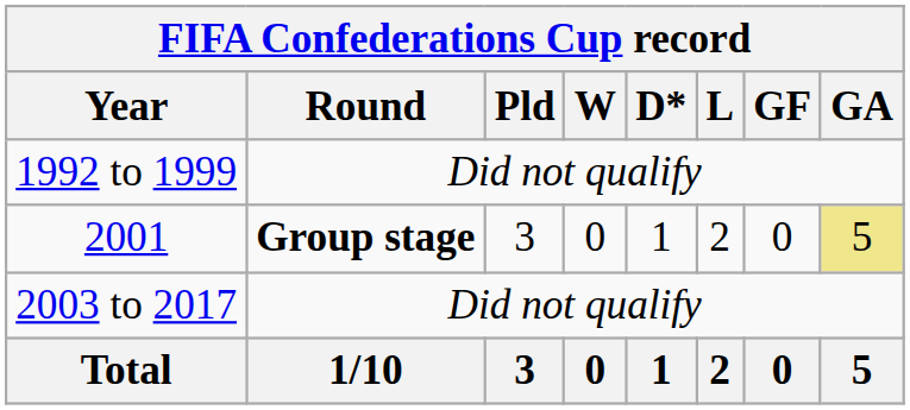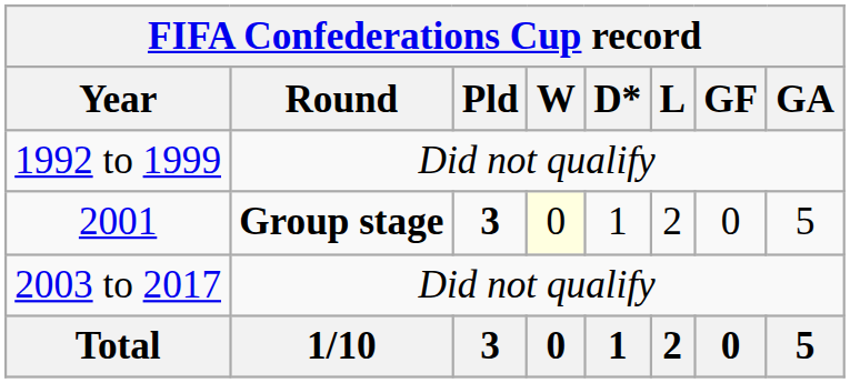 <table class="wikitable" style="text-align: center;">
 <tr>
 <th colspan="8"><a href='#'>FIFA Confederations Cup</a> record</th>
 </tr>
 <tr>
 <th>Year</th>
 <th>Round</th>
 <th>Pld</th>
 <th>W</th>
 <th>D*</th>
 <th>L</th>
 <th>GF</th>
 <th>GA</th>
 </tr>
 <tr>
 <td> <a href='#'>1992</a> to  <a href='#'>1999</a></td>
 <td colspan="8"><em>Did not qualify</em></td>
 </tr>
 <tr>
 <td>  <a href='#'>2001</a></td>
 <td><strong>Group stage</strong></td>
-<td>3</td>
-<td>0</td>
+<td><strong>3</strong></td>
+<td style="background: lightyellow;">0</td>
 <td>1</td>
 <td>2</td>
 <td>0</td>
-<td style="background: khaki;">5</td>
+<td>5</td>
 </tr>
 <tr>
 <td> <a href='#'>2003</a> to  <a href='#'>2017</a></td>
 <td colspan="8"><em>Did not qualify</em></td>
 </tr>
 <tr>
 <th>Total</th>
 <th>1/10</th>
 <th>3</th>
 <th>0</th>
 <th>1</th>
 <th>2</th>
 <th>0</th>
 <th>5</th>
 </tr>
 </table>
